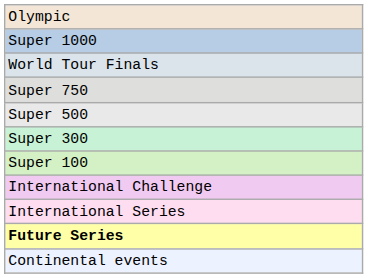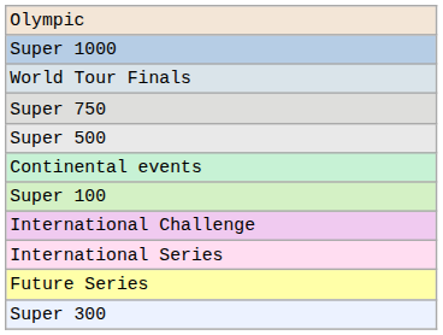 <table class="wikitable" style="font-size:80%; width:20%">
 <tr bgcolor="#F3E6D7">
 <td>Olympic</td>
 </tr>
 <tr bgcolor="#B6CDE5">
 <td>Super 1000</td>
 </tr>
 <tr bgcolor="#DAE4EA">
 <td>World Tour Finals</td>
 </tr>
 <tr bgcolor="#DEDEDC">
 <td>Super 750</td>
 </tr>
 <tr bgcolor="#E9E9E9">
 <td>Super 500</td>
 </tr>
 <tr bgcolor="#C7F2D5">
-<td>Super 300</td>
+<td>Continental events</td>
 </tr>
 <tr bgcolor="#D4F1C5">
 <td>Super 100</td>
 </tr>
 <tr bgcolor="#F0CAF0">
 <td>International Challenge</td>
 </tr>
 <tr bgcolor="#FFDDF1">
 <td>International Series</td>
 </tr>
 <tr bgcolor="#FFFFA8">
-<td><strong>Future Series</strong></td>
+<td>Future Series</td>
 </tr>
 <tr bgcolor="#ECF2FF">
-<td>Continental events</td>
+<td>Super 300</td>
 </tr>
 </table>
